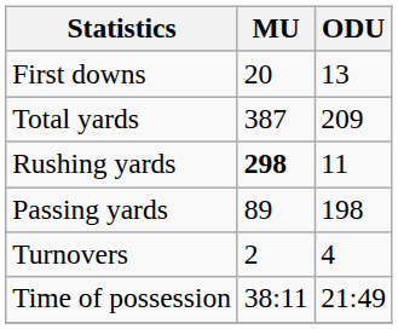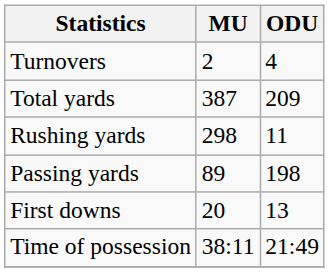 <table class="wikitable" style="float: left;">
 <tr>
 <th>Statistics</th>
 <th>MU</th>
 <th>ODU</th>
 </tr>
 <tr>
-<td>First downs</td>
-<td>20</td>
-<td>13</td>
+<td>Turnovers</td>
+<td>2</td>
+<td>4</td>
 </tr>
 <tr>
 <td>Total yards</td>
 <td>387</td>
 <td>209</td>
 </tr>
 <tr>
 <td>Rushing yards</td>
-<td><strong>298</strong></td>
+<td>298</td>
 <td>11</td>
 </tr>
 <tr>
 <td>Passing yards</td>
 <td>89</td>
 <td>198</td>
 </tr>
 <tr>
-<td>Turnovers</td>
-<td>2</td>
-<td>4</td>
+<td>First downs</td>
+<td>20</td>
+<td>13</td>
 </tr>
 <tr>
 <td>Time of possession</td>
 <td>38:11</td>
 <td>21:49</td>
 </tr>
 <tr>
 </tr>
 </table>
